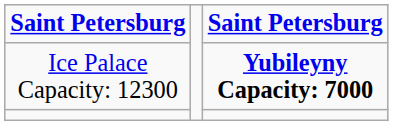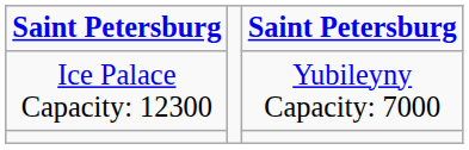 <table class="wikitable" style="text-align:center;">
 <tr>
 <td><strong><a href='#'>Saint Petersburg</a></strong></td>
 <td rowspan="3"></td>
 <td><strong><a href='#'>Saint Petersburg</a></strong></td>
 </tr>
 <tr>
 <td><a href='#'>Ice Palace</a><br>Capacity: 12300</td>
-<td><strong><a href='#'>Yubileyny</a><br>Capacity: 7000</strong></td>
+<td><a href='#'>Yubileyny</a><br>Capacity: 7000</td>
 </tr>
 <tr>
 <td></td>
 <td></td>
 </tr>
 </table>
